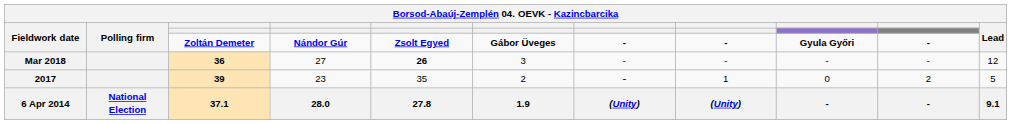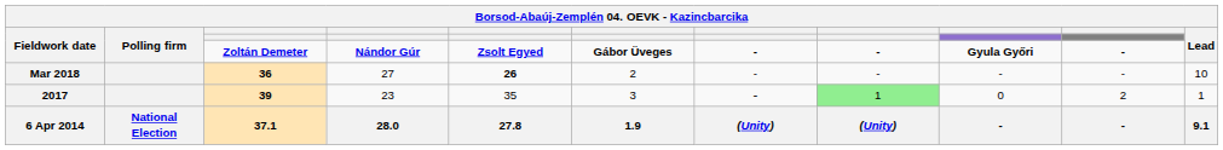 <table class="wikitable mw-collapsible mw-collapsed" style="text-align:center">
 <tr>
 <th colspan="11" style="width: 980pt;"><small><a href='#'>Borsod-Abaúj-Zemplén</a> 04.</small> <small>OEVK - <a href='#'>Kazincbarcika</a></small></th>
 </tr>
 <tr>
 <th rowspan="3" style="width: 80pt;"><small>Fieldwork</small> <small>date</small></th>
 <th rowspan="3" style="width: 80pt;"><strong><small>Polling</small> <small>firm</small></strong></th>
 <th style="width: 100pt;"><small></small></th>
 <th style="width: 100pt;"><small> </small></th>
 <th style="width: 100pt;"></th>
 <th style="width: 100pt;"></th>
 <th style="width: 100pt;"></th>
 <th style="width: 100pt;"></th>
 <th style="width: 100pt;"></th>
 <th style="width: 100pt;"></th>
 <th rowspan="3" style="width: 20pt;"><small>Lead</small></th>
 </tr>
 <tr>
 <th style="color:inherit;background:"></th>
 <th style="color:inherit;background:"></th>
 <th style="color:inherit;background:"></th>
 <th style="color:inherit;background:"></th>
 <th style="color:inherit;background:"></th>
 <th style="color:inherit;background:"></th>
 <th style="color:inherit;background:#8E6FCE;"></th>
 <th style="color:inherit;background:#808080;"></th>
 </tr>
 <tr>
 <td><a href='#'><strong><small>Zoltán Demeter</small></strong></a></td>
 <td><a href='#'><strong><small>Nándor Gúr</small></strong></a></td>
 <td><strong><small><a href='#'>Zsolt Egyed</a></small></strong></td>
 <td><strong><small>Gábor Üveges</small></strong></td>
 <td><strong><small>-</small></strong></td>
 <td><strong><small>-</small></strong></td>
 <td><strong><small>Gyula Győri</small></strong></td>
 <td><strong><small>-</small></strong></td>
 </tr>
 <tr>
 <th><small>Mar 2018</small></th>
 <th><small></small></th>
 <td style="background:#FFE5B4"><strong><small>36</small></strong></td>
 <td><small>27</small></td>
 <td><strong><small>26</small></strong></td>
-<td><small>3</small></td>
+<td><small>2</small></td>
 <td><small>-</small></td>
 <td><small>-</small></td>
 <td><small>-</small></td>
 <td><small>-</small></td>
-<td style="background:"><small>12</small></td>
+<td style="background:"><small>10</small></td>
 </tr>
 <tr>
 <th><small>2017</small></th>
 <th><small></small></th>
 <td style="background:#FFE5B4"><strong><small>39</small></strong></td>
 <td><small>23</small></td>
 <td><small>35</small></td>
-<td><small>2</small></td>
+<td><small>3</small></td>
 <td>-</td>
-<td><small>1</small></td>
+<td style="background: lightgreen;"><small>1</small></td>
 <td><small>0</small></td>
 <td><small>2</small></td>
-<td style="background:"><small>5</small></td>
+<td style="background:"><small>1</small></td>
 </tr>
 <tr>
 <th><small>6 Apr 2014</small></th>
 <th><a href='#'><small>National Election</small></a></th>
 <th style="background:#FFE5B4"><strong><small>37.1</small></strong></th>
 <th><small>28.0</small></th>
 <th><small>27.8</small></th>
 <th><small>1.9</small></th>
 <th><small><em>(<a href='#'>Unity</a>)</em></small></th>
 <th><small><em>(<a href='#'>Unity</a>)</em></small></th>
 <th><small>-</small></th>
 <th><small>-</small></th>
 <th style="background:"><small>9.1</small></th>
 </tr>
 </table>
